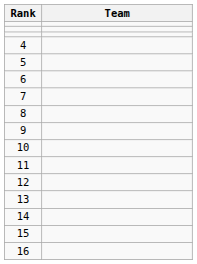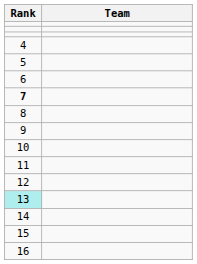 <table class="wikitable" style="text-align: center;">
 <tr>
 <th width=40>Rank</th>
 <th width=180>Team</th>
 </tr>
 <tr>
 <td></td>
 <td align=left></td>
 </tr>
 <tr>
 <td></td>
 <td align=left></td>
 </tr>
 <tr>
 <td></td>
 <td align=left></td>
 </tr>
 <tr>
 <td>4</td>
 <td align=left></td>
 </tr>
 <tr>
 <td>5</td>
 <td align=left></td>
 </tr>
 <tr>
 <td>6</td>
 <td align=left></td>
 </tr>
 <tr>
-<td>7</td>
+<td><strong>7</strong></td>
 <td align=left></td>
 </tr>
 <tr>
 <td>8</td>
 <td align=left></td>
 </tr>
 <tr>
 <td>9</td>
 <td align=left></td>
 </tr>
 <tr>
 <td>10</td>
 <td align=left></td>
 </tr>
 <tr>
 <td>11</td>
 <td align=left></td>
 </tr>
 <tr>
 <td>12</td>
 <td align=left></td>
 </tr>
 <tr>
-<td>13</td>
+<td style="background: paleturquoise;">13</td>
 <td align=left></td>
 </tr>
 <tr>
 <td>14</td>
 <td align=left></td>
 </tr>
 <tr>
 <td>15</td>
 <td align=left></td>
 </tr>
 <tr>
 <td>16</td>
 <td align=left></td>
 </tr>
 </table>
